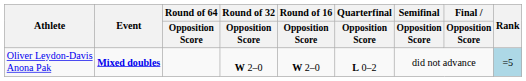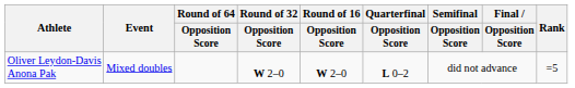 <table class=wikitable style="font-size:90%">
 <tr>
 <th rowspan=2>Athlete</th>
 <th rowspan=2>Event</th>
 <th>Round of 64</th>
 <th>Round of 32</th>
 <th>Round of 16</th>
 <th>Quarterfinal</th>
 <th>Semifinal</th>
 <th>Final / </th>
 <th rowspan=2>Rank</th>
 </tr>
 <tr style="font-size:95%">
 <th>Opposition<br>Score</th>
 <th>Opposition<br>Score</th>
 <th>Opposition<br>Score</th>
 <th>Opposition<br>Score</th>
 <th>Opposition<br>Score</th>
 <th>Opposition<br>Score</th>
 </tr>
 <tr align=center>
 <td align=left><a href='#'>Oliver Leydon-Davis</a><br><a href='#'>Anona Pak</a></td>
-<td align=left><strong><a href='#'>Mixed doubles</a></strong></td>
+<td align=left><a href='#'>Mixed doubles</a></td>
 <td></td>
 <td><br><strong>W</strong> 2–0</td>
 <td><br><strong>W</strong> 2–0</td>
 <td><br><strong>L</strong> 0–2</td>
 <td colspan=2>did not advance</td>
-<td style="background: lightblue;">=5</td>
+<td>=5</td>
 </tr>
 </table>
